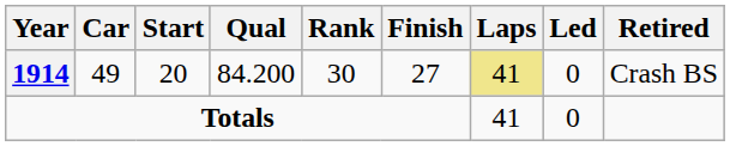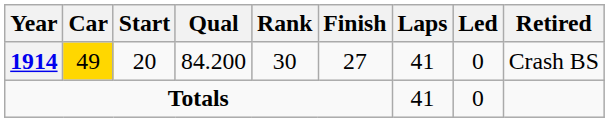 <table class="wikitable" style="text-align:center">
 <tr>
 <th>Year</th>
 <th>Car</th>
 <th>Start</th>
 <th>Qual</th>
 <th>Rank</th>
 <th>Finish</th>
 <th>Laps</th>
 <th>Led</th>
 <th>Retired</th>
 </tr>
 <tr>
 <th><a href='#'>1914</a></th>
-<td>49</td>
+<td style="background: gold;">49</td>
 <td>20</td>
 <td>84.200</td>
 <td>30</td>
 <td>27</td>
-<td style="background: khaki;">41</td>
+<td>41</td>
 <td>0</td>
 <td>Crash BS</td>
 </tr>
 <tr>
 <td colspan=6><strong>Totals</strong></td>
 <td>41</td>
 <td>0</td>
 <td></td>
 </tr>
 </table>
